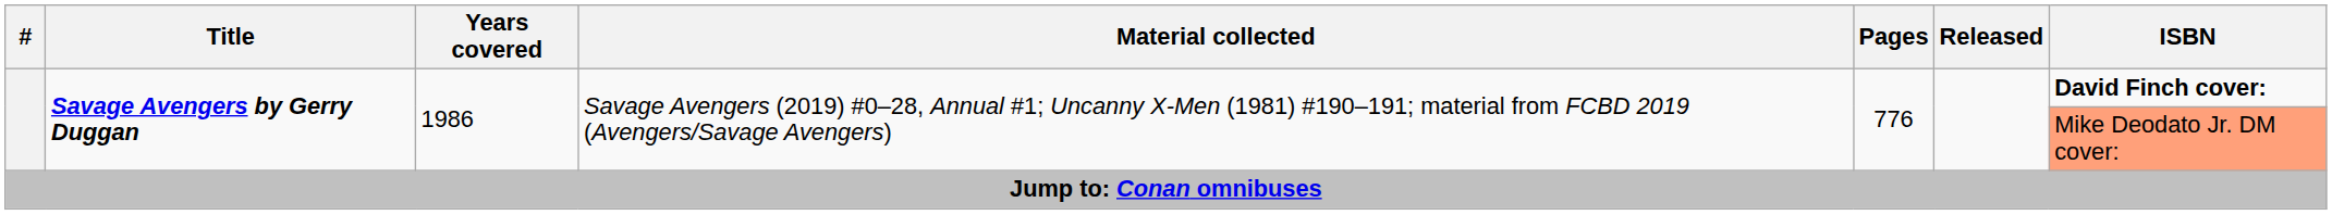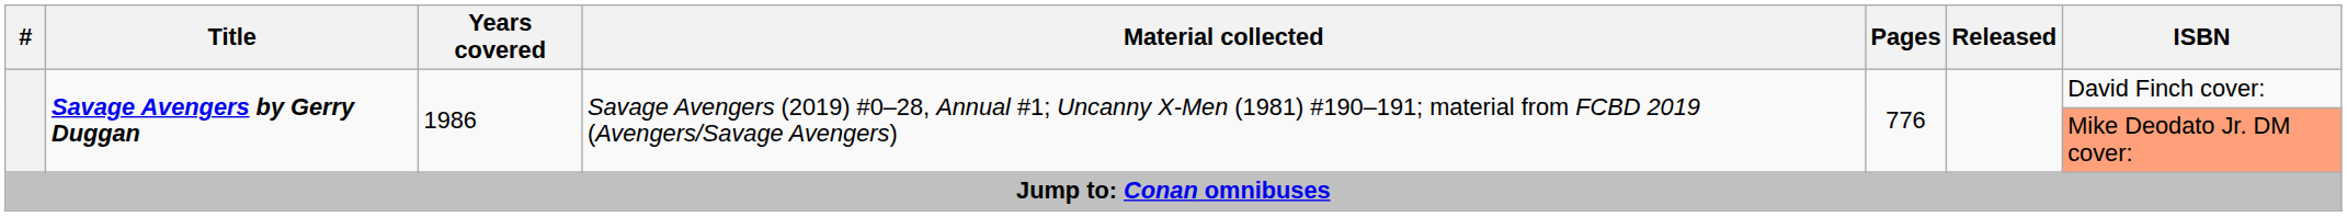 <table class="wikitable sortable" width="99%">
 <tr>
 <th class="unsortable" width="20px">#</th>
 <th>Title</th>
 <th>Years covered</th>
 <th class="unsortable">Material collected</th>
 <th>Pages</th>
 <th>Released</th>
 <th class="unsortable">ISBN</th>
 </tr>
 <tr>
 <th rowspan=2 style="background-color: light grey;"></th>
 <td rowspan=2><strong><em><a href='#'>Savage Avengers</a> by Gerry Duggan</em></strong></td>
 <td rowspan=2> 1986</td>
 <td rowspan=2><em>Savage Avengers</em> (2019) #0–28, <em>Annual</em> #1; <em>Uncanny X-Men</em> (1981) #190–191; material from <em>FCBD 2019</em> (<em>Avengers/Savage Avengers</em>)</td>
 <td rowspan=2 style="text-align: center;">776</td>
 <td rowspan=2></td>
-<td><strong>David Finch cover: </strong></td>
+<td>David Finch cover: </td>
 </tr>
 <tr>
 <td style="background: lightsalmon;">Mike Deodato Jr. DM cover: </td>
 </tr>
 <tr>
 <th colspan=7 style="background-color: silver;">Jump to: <a href='#'><em>Conan</em> omnibuses</a></th>
 </tr>
 </table>
